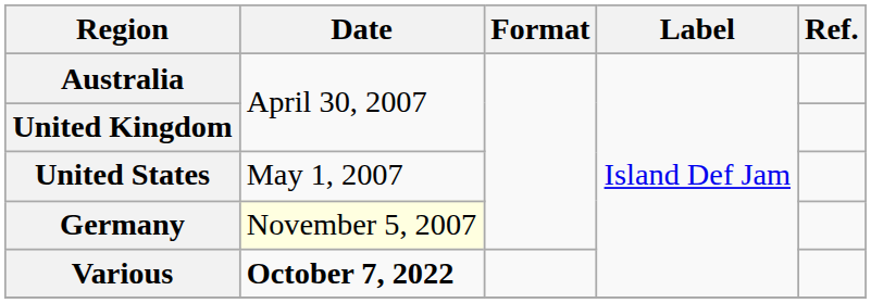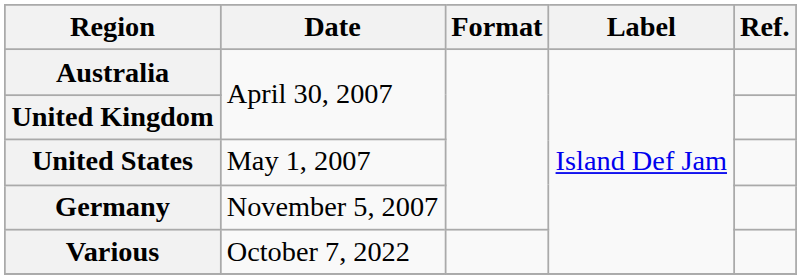 <table class="wikitable sortable plainrowheaders">
 <tr>
 <th scope="col">Region</th>
 <th scope="col">Date</th>
 <th scope="col">Format</th>
 <th scope="col">Label</th>
 <th scope="col">Ref.</th>
 </tr>
 <tr>
 <th scope="row">Australia</th>
 <td rowspan="2">April 30, 2007</td>
 <td rowspan="4"></td>
 <td rowspan="5"><a href='#'>Island Def Jam</a></td>
 <td></td>
 </tr>
 <tr>
 <th scope="row">United Kingdom</th>
 <td></td>
 </tr>
 <tr>
 <th scope="row">United States</th>
 <td>May 1, 2007</td>
 <td></td>
 </tr>
 <tr>
 <th scope="row">Germany</th>
-<td style="background: lightyellow;">November 5, 2007</td>
+<td>November 5, 2007</td>
 <td></td>
 </tr>
 <tr>
 <th scope="row">Various</th>
-<td><strong>October 7, 2022</strong></td>
+<td>October 7, 2022</td>
 <td rowspan="1"></td>
 <td></td>
 </tr>
 <tr>
 </tr>
 </table>
